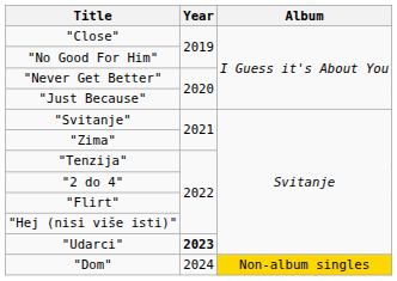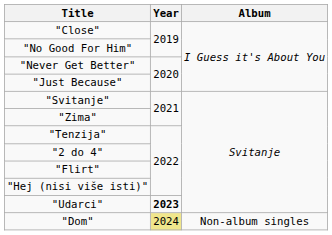 <table class="wikitable plainrowheaders" style="text-align:center;">
 <tr>
 <th scope="col">Title</th>
 <th scope="col">Year</th>
 <th scope="col">Album</th>
 </tr>
 <tr>
 <td>"Close"</td>
 <td rowspan="2">2019</td>
 <td rowspan="4"><em>I Guess it's About You</em></td>
 </tr>
 <tr>
 <td>"No Good For Him"</td>
 </tr>
 <tr>
 <td>"Never Get Better"</td>
 <td rowspan="2">2020</td>
 </tr>
 <tr>
 <td>"Just Because"</td>
 </tr>
 <tr>
 <td>"Svitanje"</td>
 <td rowspan="2">2021</td>
 <td rowspan="7"><em>Svitanje</em></td>
 </tr>
 <tr>
 <td>"Zima"</td>
 </tr>
 <tr>
 <td>"Tenzija"</td>
 <td rowspan="4">2022</td>
 </tr>
 <tr>
 <td>"2 do 4"</td>
 </tr>
 <tr>
 <td>"Flirt"</td>
 </tr>
 <tr>
 <td>"Hej (nisi više isti)"</td>
 </tr>
 <tr>
 <td>"Udarci"</td>
 <td><strong>2023</strong></td>
 </tr>
 <tr>
 <td scope="row">"Dom"</td>
-<td>2024</td>
-<td style="background: gold;">Non-album singles</td>
+<td style="background: khaki;">2024</td>
+<td>Non-album singles</td>
 </tr>
 </table>
